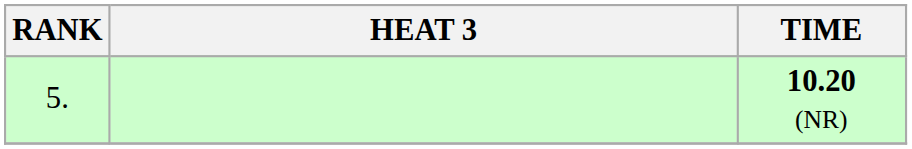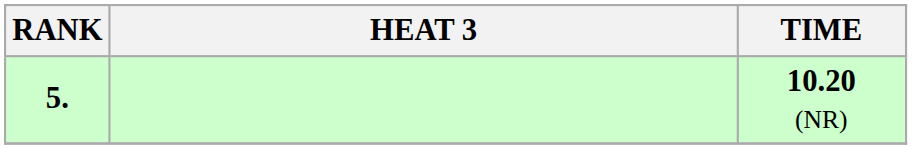 <table class="wikitable" style="border-collapse: collapse; font-size: 90%;">
 <tr>
 <th>RANK</th>
 <th style="width: 20em">HEAT 3</th>
 <th style="width: 5em">TIME</th>
 </tr>
 <tr style="background:#ccffcc;">
-<td align="center">5.</td>
+<td align="center"><strong>5.</strong></td>
 <td></td>
 <td align="center"><strong>10.20</strong><br> <small>(NR)</small></td>
 </tr>
 <tr>
 </tr>
 </table>
